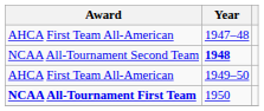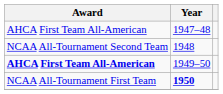 <table class="wikitable">
 <tr>
 <th>Award</th>
 <th>Year</th>
 <th></th>
 </tr>
 <tr>
 <td><a href='#'>AHCA</a> <a href='#'>First Team All-American</a></td>
 <td><a href='#'>1947–48</a></td>
 <td></td>
 </tr>
 <tr>
 <td><a href='#'>NCAA</a> <a href='#'>All-Tournament Second Team</a></td>
-<td><strong><a href='#'>1948</a></strong></td>
+<td><a href='#'>1948</a></td>
 <td></td>
 </tr>
 <tr>
-<td><a href='#'>AHCA</a> <a href='#'>First Team All-American</a></td>
+<td><strong><a href='#'>AHCA</a> <a href='#'>First Team All-American</a></strong></td>
 <td><a href='#'>1949–50</a></td>
 <td></td>
 </tr>
 <tr>
-<td><strong><a href='#'>NCAA</a> <a href='#'>All-Tournament First Team</a></strong></td>
-<td><a href='#'>1950</a></td>
+<td><a href='#'>NCAA</a> <a href='#'>All-Tournament First Team</a></td>
+<td><strong><a href='#'>1950</a></strong></td>
 <td></td>
 </tr>
 <tr>
 </tr>
 </table>
